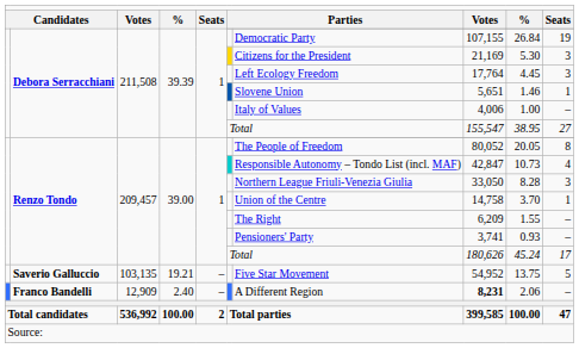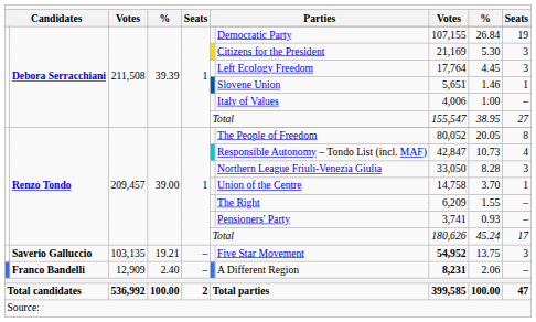 <table class="wikitable">
 <tr>
 <td colspan=10></td>
 </tr>
 <tr>
 <th colspan=2>Candidates</th>
 <th>Votes</th>
 <th>%</th>
 <th>Seats</th>
 <th colspan=2>Parties</th>
 <th>Votes</th>
 <th>%</th>
 <th>Seats</th>
 </tr>
 <tr>
 <td rowspan=7></td>
 <td rowspan=7><strong><a href='#'>Debora Serracchiani</a></strong></td>
 <td rowspan=7 align=right>211,508</td>
 <td rowspan=7 align=right>39.39</td>
 <td rowspan=7 align=right>1</td>
 </tr>
 <tr>
 <td></td>
 <td align="left"><a href='#'>Democratic Party</a></td>
 <td align=right>107,155</td>
 <td align=right>26.84</td>
 <td align=right>19</td>
 </tr>
 <tr>
 <td bgcolor="gold"></td>
 <td align="left"><a href='#'>Citizens for the President</a></td>
 <td align=right>21,169</td>
 <td align=right>5.30</td>
 <td align=right>3</td>
 </tr>
 <tr>
 <td></td>
 <td align="left"><a href='#'>Left Ecology Freedom</a></td>
 <td align=right>17,764</td>
 <td align=right>4.45</td>
 <td align=right>3</td>
 </tr>
 <tr>
 <td bgcolor="#0055AB "></td>
 <td align="left"><a href='#'>Slovene Union</a></td>
 <td align=right>5,651</td>
 <td align=right>1.46</td>
 <td align=right>1</td>
 </tr>
 <tr>
 <td></td>
 <td align="left"><a href='#'>Italy of Values</a></td>
 <td align=right>4,006</td>
 <td align=right>1.00</td>
 <td align=right>–</td>
 </tr>
 <tr>
 <td colspan=2><em>Total</em></td>
 <td align=right><em>155,547</em></td>
 <td align=right><em>38.95</em></td>
 <td align=right><em>27</em></td>
 </tr>
 <tr>
 <td rowspan=8></td>
 <td rowspan=8><strong><a href='#'>Renzo Tondo</a></strong></td>
 <td rowspan=8 align=right>209,457</td>
 <td rowspan=8 align=right>39.00</td>
 <td rowspan=8 align=right>1</td>
 </tr>
 <tr>
 <td></td>
 <td align="left"><a href='#'>The People of Freedom</a></td>
 <td align=right>80,052</td>
 <td align=right>20.05</td>
 <td align=right>8</td>
 </tr>
 <tr>
 <td bgcolor="#00CCCC"></td>
 <td align="left"><a href='#'>Responsible Autonomy</a> – Tondo List (incl. <a href='#'>MAF</a>)</td>
 <td align=right>42,847</td>
 <td align=right>10.73</td>
 <td align=right>4</td>
 </tr>
 <tr>
 <td></td>
 <td align="left"><a href='#'>Northern League Friuli-Venezia Giulia</a></td>
 <td align=right>33,050</td>
 <td align=right>8.28</td>
 <td align=right>3</td>
 </tr>
 <tr>
 <td></td>
 <td align="left"><a href='#'>Union of the Centre</a></td>
 <td align=right>14,758</td>
 <td align=right>3.70</td>
 <td align=right>1</td>
 </tr>
 <tr>
 <td></td>
 <td align="left"><a href='#'>The Right</a></td>
 <td align=right>6,209</td>
 <td align=right>1.55</td>
 <td align=right>–</td>
 </tr>
 <tr>
 <td></td>
 <td align="left"><a href='#'>Pensioners' Party</a></td>
 <td align=right>3,741</td>
 <td align=right>0.93</td>
 <td align=right>–</td>
 </tr>
 <tr>
 <td colspan=2><em>Total</em></td>
 <td align=right><em>180,626</em></td>
 <td align=right><em>45.24</em></td>
 <td align=right><em>17</em></td>
 </tr>
 <tr>
 <td></td>
 <td><strong>Saverio Galluccio</strong></td>
 <td align=right>103,135</td>
 <td align=right>19.21</td>
 <td align=right>–</td>
 <td></td>
 <td><a href='#'>Five Star Movement</a></td>
-<td align=right>54,952</td>
+<td align=right><strong>54,952</strong></td>
 <td align=right>13.75</td>
-<td align=right>5</td>
+<td align=right>3</td>
 </tr>
 <tr>
 <td bgcolor="#306EFF"></td>
 <td><strong>Franco Bandelli</strong></td>
 <td align=right>12,909</td>
 <td align=right>2.40</td>
 <td align=right>–</td>
 <td bgcolor="#306EFF"></td>
 <td align="left">A Different Region</td>
 <td align=right><strong>8,231</strong></td>
 <td align=right>2.06</td>
 <td align=right>–</td>
 </tr>
 <tr>
 <th colspan=10></th>
 </tr>
 <tr>
 <td colspan=2><strong>Total candidates</strong></td>
 <td align=right><strong>536,992</strong></td>
 <td align=right><strong>100.00</strong></td>
 <td align=right><strong>2</strong></td>
 <td colspan=2><strong>Total parties</strong></td>
 <td align=right><strong>399,585</strong></td>
 <td align=right><strong>100.00</strong></td>
 <td align=right><strong>47</strong></td>
 </tr>
 <tr>
 <td colspan=10>Source: </td>
 </tr>
 </table>
